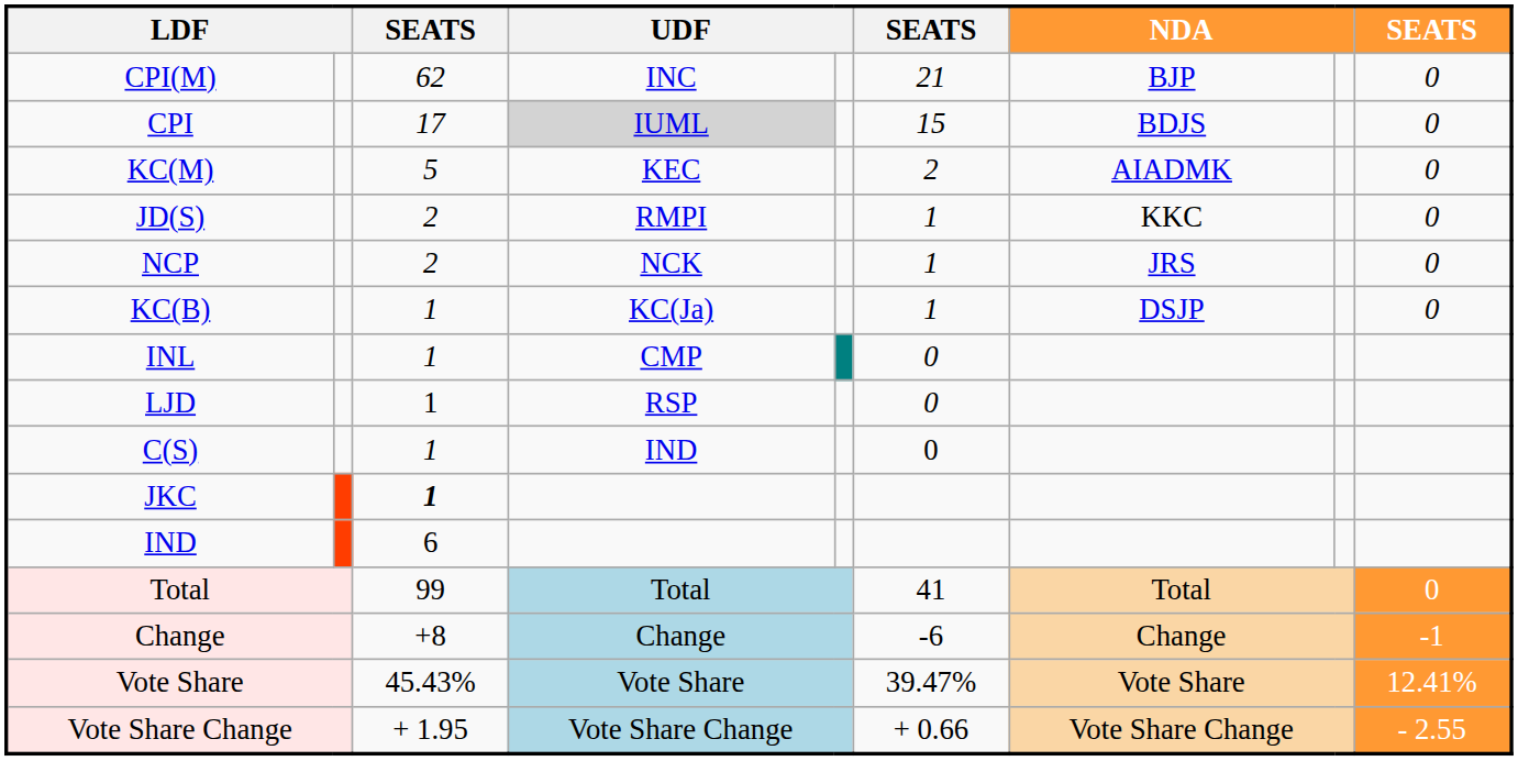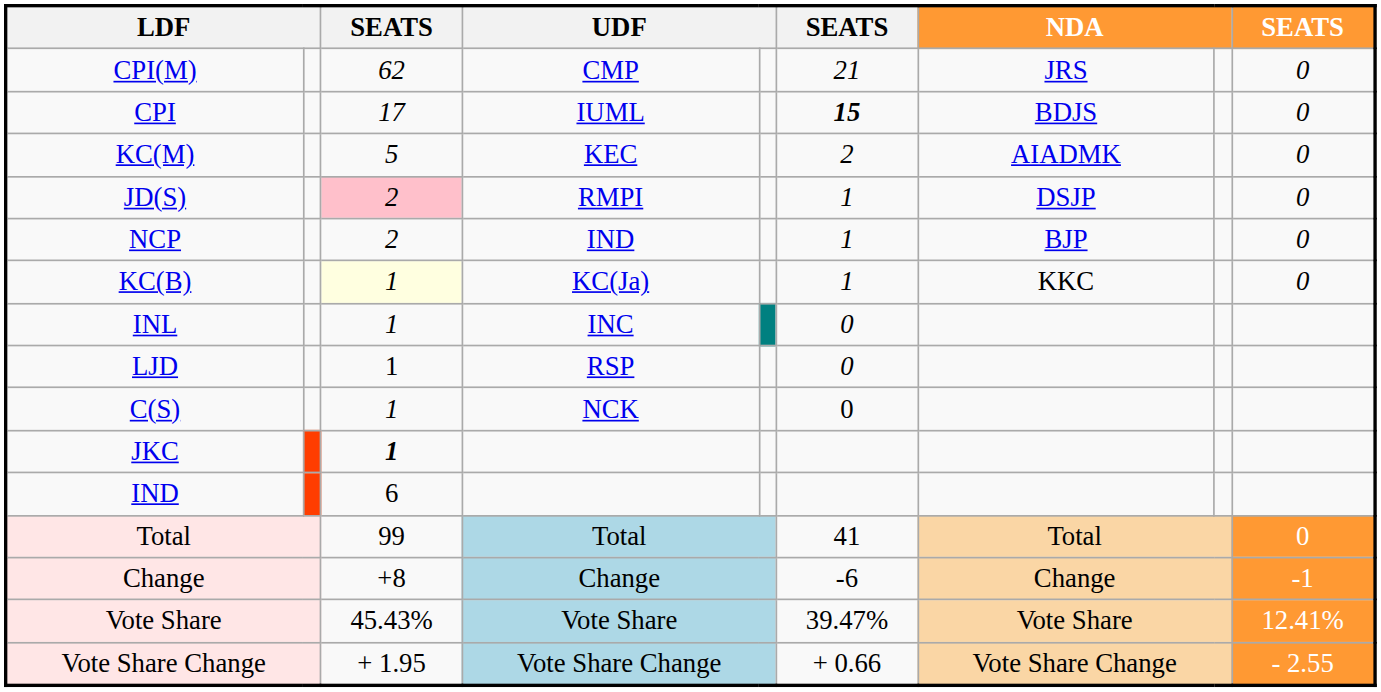 <table class="wikitable collapsible" border="1" cellspacing="0" cellpadding="2" width="65%" style="text-align:center; border-collapse: collapse; border: 2px #000000 solid; font-size: x-big">
 <tr>
 <th colspan="2" style="background:">LDF</th>
 <th style="background:">SEATS</th>
 <th colspan="2" style="background:">UDF</th>
 <th style="background:">SEATS</th>
 <th colspan="2" style="background:#FF9933; color:white;">NDA</th>
 <th style="background:#FF9933; color:white;">SEATS</th>
 </tr>
 <tr>
 <td><a href='#'>CPI(M)</a></td>
 <td width="3px" style="background-color: "></td>
 <td><em>62</em></td>
-<td><a href='#'>INC</a></td>
+<td><a href='#'>CMP</a></td>
 <td width="3px" style="background-color: "></td>
 <td><em>21</em></td>
-<td><a href='#'>BJP</a></td>
+<td><a href='#'>JRS</a></td>
 <td width="3px" style="background-color: "></td>
 <td><em>0</em></td>
 </tr>
 <tr>
 <td><a href='#'>CPI</a></td>
 <td width="3px" style="background-color: "></td>
 <td><em>17</em></td>
-<td style="background: lightgrey;"><a href='#'>IUML</a></td>
+<td><a href='#'>IUML</a></td>
 <td width="3px" style="background-color: "></td>
-<td><em>15</em></td>
+<td><strong><em>15</em></strong></td>
 <td><a href='#'>BDJS</a></td>
 <td width="3px" style="background-color: "></td>
 <td><em>0</em></td>
 </tr>
 <tr>
 <td><a href='#'>KC(M)</a></td>
 <td width="3px" style="background-color: "></td>
 <td><em>5</em></td>
 <td><a href='#'>KEC</a></td>
 <td width="3px" style="background-color: "></td>
 <td><em>2</em></td>
 <td><a href='#'>AIADMK</a></td>
 <td width="3px" style="background-color: "></td>
 <td><em>0</em></td>
 </tr>
 <tr>
 <td><a href='#'>JD(S)</a></td>
 <td width="3px" style="background-color: "></td>
+<td style="background: pink;"><em>2</em></td>
+<td><a href='#'>RMPI</a></td>
+<td width="3px" style="background-color: "></td>
+<td><em>1</em></td>
+<td><a href='#'>DSJP</a></td>
+<td width="3px" style="background-color: "></td>
+<td><em>0</em></td>
+</tr>
+<tr>
+<td><a href='#'>NCP</a></td>
+<td width="3px" style="background-color: "></td>
 <td><em>2</em></td>
-<td><a href='#'>RMPI</a></td>
+<td><a href='#'>IND</a></td>
+<td width="3px" style="background-color: "></td>
+<td><em>1</em></td>
+<td><a href='#'>BJP</a></td>
+<td width="3px" style="background-color: "></td>
+<td><em>0</em></td>
+</tr>
+<tr>
+<td><a href='#'>KC(B)</a></td>
+<td width="3px" style="background-color: "></td>
+<td style="background: lightyellow;"><em>1</em></td>
+<td><a href='#'>KC(Ja)</a></td>
 <td width="3px" style="background-color: "></td>
 <td><em>1</em></td>
 <td>KKC</td>
 <td width="3px" style="background-color: "></td>
 <td><em>0</em></td>
 </tr>
 <tr>
-<td><a href='#'>NCP</a></td>
-<td width="3px" style="background-color: "></td>
-<td><em>2</em></td>
-<td><a href='#'>NCK</a></td>
-<td width="3px" style="background-color: "></td>
-<td><em>1</em></td>
-<td><a href='#'>JRS</a></td>
-<td width="3px" style="background-color: "></td>
-<td><em>0</em></td>
-</tr>
-<tr>
-<td><a href='#'>KC(B)</a></td>
-<td width="3px" style="background-color: "></td>
-<td><em>1</em></td>
-<td><a href='#'>KC(Ja)</a></td>
-<td width="3px" style="background-color: "></td>
-<td><em>1</em></td>
-<td><a href='#'>DSJP</a></td>
-<td width="3px" style="background-color: "></td>
-<td><em>0</em></td>
-</tr>
-<tr>
 <td><a href='#'>INL</a></td>
 <td width="3px" style="background-color: "></td>
 <td><em>1</em></td>
-<td><a href='#'>CMP</a></td>
+<td><a href='#'>INC</a></td>
 <td width="3px" style="background-color:#008080"></td>
 <td><em>0</em></td>
 <td></td>
 <td></td>
 <td></td>
 </tr>
 <tr>
 <td><a href='#'>LJD</a></td>
 <td width="3px" style="background-color: "></td>
 <td>1</td>
 <td><a href='#'>RSP</a></td>
 <td width="3px" style="background-color: "></td>
 <td><em>0</em></td>
 <td></td>
 <td></td>
 <td></td>
 </tr>
 <tr>
 <td><a href='#'>C(S)</a></td>
 <td width="3px" style="background-color: "></td>
 <td><em>1</em></td>
-<td><a href='#'>IND</a></td>
+<td><a href='#'>NCK</a></td>
 <td></td>
 <td>0</td>
 <td></td>
 <td></td>
 <td></td>
 </tr>
 <tr>
 <td><a href='#'>JKC</a></td>
 <td width="3px" style="background-color:#FF3D00"></td>
 <td><strong><em>1</em></strong></td>
 <td></td>
 <td></td>
 <td></td>
 <td></td>
 <td></td>
 <td></td>
 </tr>
 <tr>
 <td><a href='#'>IND</a></td>
 <td width="3px" style="background-color:#FF3D00"></td>
 <td>6</td>
 <td></td>
 <td></td>
 <td></td>
 <td></td>
 <td></td>
 <td></td>
 </tr>
 <tr>
 <td colspan="2" style="background:#ffe6e6;">Total</td>
 <td style="background:">99</td>
 <td colspan="2" style="background:#ADD8E6">Total</td>
 <td style="background:">41</td>
 <td colspan="2" style="background:#FAD6A5">Total</td>
 <td style="background:#FF9933; color:white;">0</td>
 </tr>
 <tr>
 <td colspan="2" style="background:#ffe6e6;">Change</td>
 <td style="background:">+8</td>
 <td colspan="2" style="background:#ADD8E6">Change</td>
 <td style="background:">-6</td>
 <td colspan="2" style="background:#FAD6A5">Change</td>
 <td style="background:#FF9933; color:white;">-1</td>
 </tr>
 <tr>
 <td colspan="2" style="background:#ffe6e6;">Vote Share</td>
 <td style="background:">45.43%</td>
 <td colspan="2" style="background:#ADD8E6">Vote Share</td>
 <td style="background:">39.47%</td>
 <td colspan="2" style="background:#FAD6A5">Vote Share</td>
 <td style="background:#FF9933; color:white;">12.41%</td>
 </tr>
 <tr>
 <td colspan="2" style="background:#ffe6e6;">Vote Share Change</td>
 <td style="background:">+ 1.95</td>
 <td colspan="2" style="background:#ADD8E6">Vote Share Change</td>
 <td style="background:">+ 0.66</td>
 <td colspan="2" style="background:#FAD6A5">Vote Share Change</td>
 <td style="background:#FF9933; color:white;">- 2.55</td>
 </tr>
 </table>
